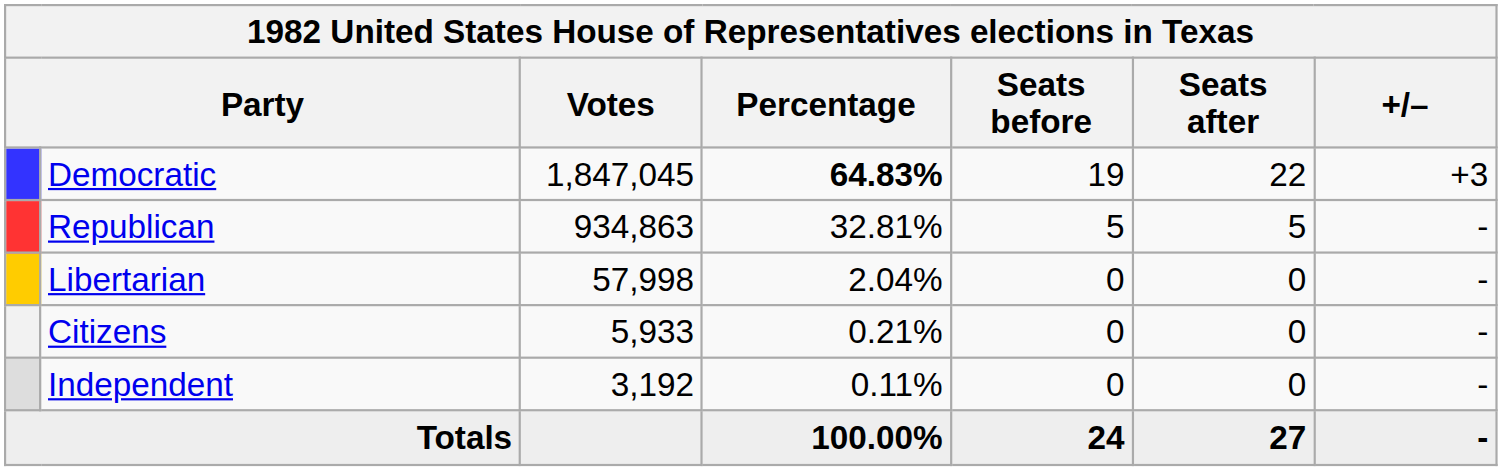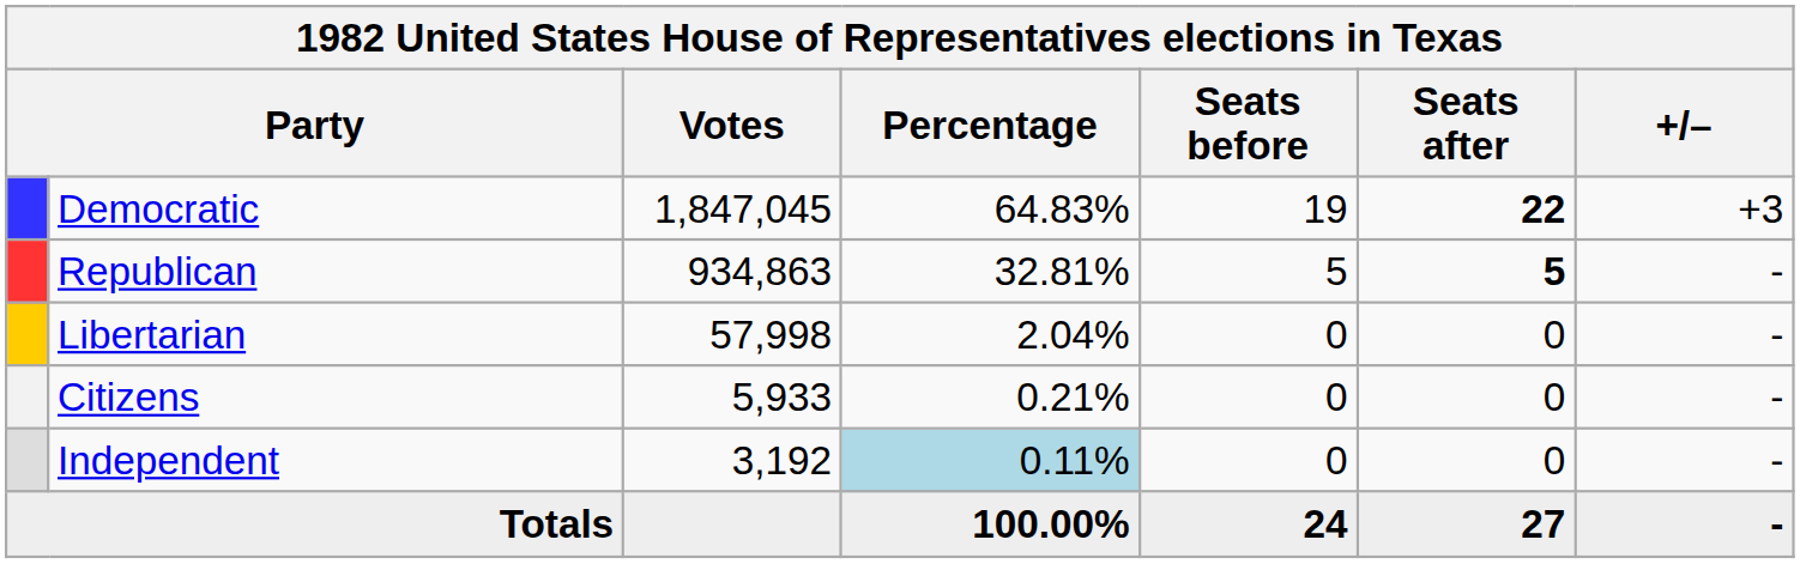 <table class="wikitable" style="font-size: 95%;">
 <tr>
 <th colspan="7">1982 United States House of Representatives elections in Texas</th>
 </tr>
 <tr>
 <th colspan="2" style="width: 15em">Party</th>
 <th style="width: 5em">Votes</th>
 <th style="width: 7em">Percentage</th>
 <th style="width: 5em">Seats before</th>
 <th style="width: 5em">Seats after</th>
 <th style="width: 5em">+/–</th>
 </tr>
 <tr>
 <th style="background-color:#3333FF; width: 3px"></th>
 <td style="width: 130px"><a href='#'>Democratic</a></td>
 <td align="right">1,847,045</td>
-<td align="right"><strong>64.83%</strong></td>
+<td align="right">64.83%</td>
 <td align="right">19</td>
-<td align="right">22</td>
+<td align="right"><strong>22</strong></td>
 <td align="right">+3</td>
 </tr>
 <tr>
 <th style="background-color:#FF3333; width: 3px"></th>
 <td style="width: 130px"><a href='#'>Republican</a></td>
 <td align="right">934,863</td>
 <td align="right">32.81%</td>
 <td align="right">5</td>
-<td align="right">5</td>
+<td align="right"><strong>5</strong></td>
 <td align="right">-</td>
 </tr>
 <tr>
 <th style="background-color:#FFCC00; width: 3px"></th>
 <td style="width: 130px"><a href='#'>Libertarian</a></td>
 <td align="right">57,998</td>
 <td align="right">2.04%</td>
 <td align="right">0</td>
 <td align="right">0</td>
 <td align="right">-</td>
 </tr>
 <tr>
 <th style="background-color:"></th>
 <td style="width: 130px"><a href='#'>Citizens</a></td>
 <td align="right">5,933</td>
 <td align="right">0.21%</td>
 <td align="right">0</td>
 <td align="right">0</td>
 <td align="right">-</td>
 </tr>
 <tr>
 <th style="background-color:#DDDDDD; width: 3px"></th>
 <td style="width: 130px"><a href='#'>Independent</a></td>
 <td align="right">3,192</td>
-<td align="right">0.11%</td>
+<td align="right" style="background: lightblue;">0.11%</td>
 <td align="right">0</td>
 <td align="right">0</td>
 <td align="right">-</td>
 </tr>
 <tr bgcolor="#EEEEEE">
 <td colspan="2" align="right"><strong>Totals</strong></td>
 <td align="right"></td>
 <td align="right"><strong>100.00%</strong></td>
 <td align="right"><strong>24</strong></td>
 <td align="right"><strong>27</strong></td>
 <td align="right"><strong>-</strong></td>
 </tr>
 </table>
